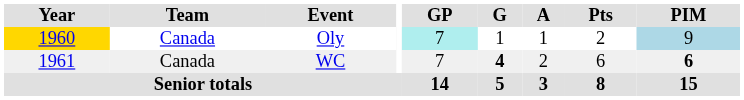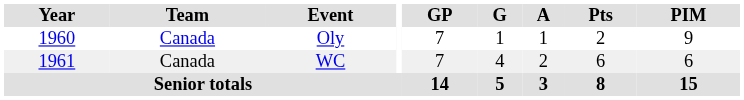 <table border="0" cellpadding="1" cellspacing="0" ID="Table3" style="text-align:center; width:40em">
 <tr bgcolor="#e0e0e0">
 <th>Year</th>
 <th>Team</th>
 <th>Event</th>
 <th rowspan="102" bgcolor="#ffffff"></th>
 <th>GP</th>
 <th>G</th>
 <th>A</th>
 <th>Pts</th>
 <th>PIM</th>
 </tr>
 <tr>
-<td style="background: gold;"><a href='#'>1960</a></td>
+<td><a href='#'>1960</a></td>
 <td><a href='#'>Canada</a></td>
 <td><a href='#'>Oly</a></td>
-<td style="background: paleturquoise;">7</td>
+<td>7</td>
 <td>1</td>
 <td>1</td>
 <td>2</td>
-<td style="background: lightblue;">9</td>
+<td>9</td>
 </tr>
 <tr bgcolor="#f0f0f0">
 <td><a href='#'>1961</a></td>
 <td>Canada</td>
 <td><a href='#'>WC</a></td>
 <td>7</td>
-<td><strong>4</strong></td>
+<td>4</td>
 <td>2</td>
 <td>6</td>
-<td><strong>6</strong></td>
+<td>6</td>
 </tr>
 <tr bgcolor="#e0e0e0">
 <th colspan="4">Senior totals</th>
 <th>14</th>
 <th>5</th>
 <th>3</th>
 <th>8</th>
 <th>15</th>
 </tr>
 </table>
